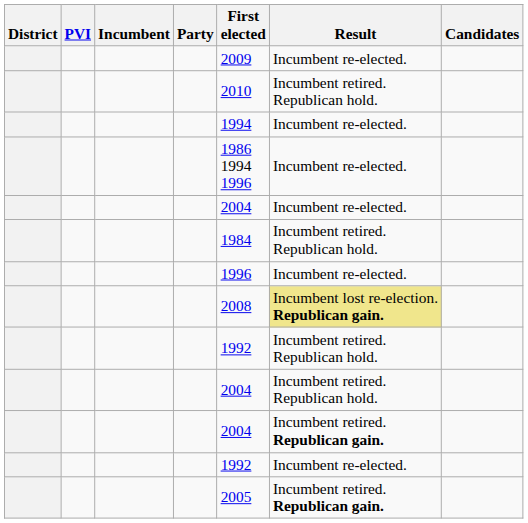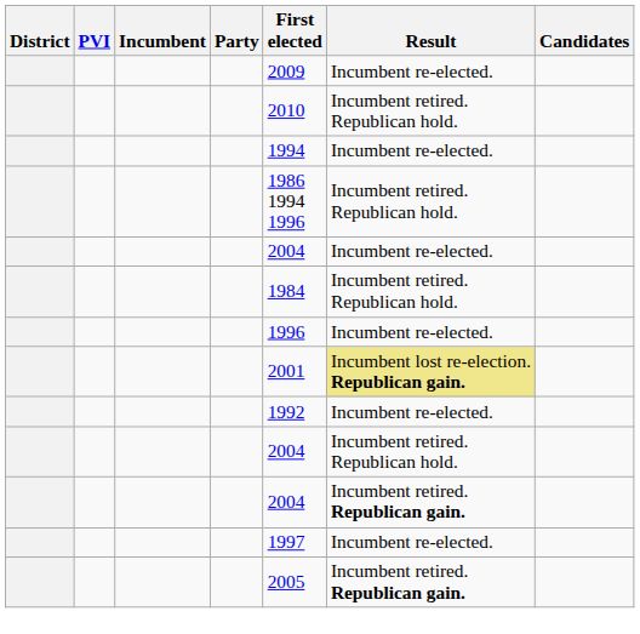 <table class="wikitable sortable">
 <tr valign=bottom>
 <th>District</th>
 <th><a href='#'>PVI</a></th>
 <th>Incumbent</th>
 <th>Party</th>
 <th>First<br>elected</th>
 <th>Result</th>
 <th>Candidates</th>
 </tr>
 <tr>
 <th></th>
 <td></td>
 <td></td>
 <td></td>
 <td><a href='#'>2009</a></td>
 <td>Incumbent re-elected.</td>
 <td nowrap></td>
 </tr>
 <tr>
 <th></th>
 <td></td>
 <td></td>
 <td></td>
 <td><a href='#'>2010</a></td>
 <td>Incumbent retired.<br>Republican hold.</td>
 <td nowrap></td>
 </tr>
 <tr>
 <th></th>
 <td></td>
 <td></td>
 <td></td>
 <td><a href='#'>1994</a></td>
 <td>Incumbent re-elected.</td>
 <td nowrap></td>
 </tr>
 <tr>
 <th></th>
 <td></td>
 <td></td>
 <td></td>
 <td><a href='#'>1986</a><br>1994 <br><a href='#'>1996</a></td>
-<td>Incumbent re-elected.</td>
+<td>Incumbent retired.<br>Republican hold.</td>
 <td nowrap></td>
 </tr>
 <tr>
 <th></th>
 <td></td>
 <td></td>
 <td></td>
 <td><a href='#'>2004</a></td>
 <td>Incumbent re-elected.</td>
 <td nowrap></td>
 </tr>
 <tr>
 <th></th>
 <td></td>
 <td></td>
 <td></td>
 <td><a href='#'>1984</a></td>
 <td>Incumbent retired.<br>Republican hold.</td>
 <td nowrap></td>
 </tr>
 <tr>
 <th></th>
 <td></td>
 <td></td>
 <td></td>
 <td><a href='#'>1996</a></td>
 <td>Incumbent re-elected.</td>
 <td nowrap></td>
 </tr>
 <tr>
 <th></th>
 <td></td>
 <td></td>
 <td></td>
-<td><a href='#'>2008</a></td>
+<td><a href='#'>2001</a></td>
 <td style="background: khaki;">Incumbent lost re-election.<br><strong>Republican gain.</strong></td>
 <td nowrap></td>
 </tr>
 <tr>
 <th></th>
 <td></td>
 <td></td>
 <td></td>
 <td><a href='#'>1992</a></td>
-<td>Incumbent retired.<br>Republican hold.</td>
+<td>Incumbent re-elected.</td>
 <td nowrap></td>
 </tr>
 <tr>
 <th></th>
 <td></td>
 <td></td>
 <td></td>
 <td><a href='#'>2004</a></td>
 <td>Incumbent retired.<br>Republican hold.</td>
 <td nowrap></td>
 </tr>
 <tr>
 <th></th>
 <td></td>
 <td></td>
 <td></td>
 <td><a href='#'>2004</a></td>
 <td>Incumbent retired.<br><strong>Republican gain.</strong></td>
 <td nowrap></td>
 </tr>
 <tr>
 <th></th>
 <td></td>
 <td></td>
 <td></td>
-<td><a href='#'>1992</a></td>
+<td><a href='#'>1997</a></td>
 <td>Incumbent re-elected.</td>
 <td nowrap></td>
 </tr>
 <tr>
 <th></th>
 <td></td>
 <td></td>
 <td></td>
 <td><a href='#'>2005</a></td>
 <td>Incumbent retired.<br><strong>Republican gain.</strong></td>
 <td nowrap></td>
 </tr>
 </table>
